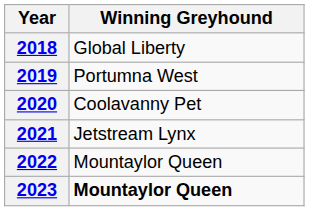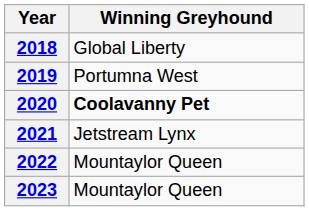 <table class="wikitable">
 <tr>
 <th width=50>Year</th>
 <th width=200>Winning Greyhound</th>
 </tr>
 <tr>
 <th><a href='#'>2018</a></th>
 <td>Global Liberty</td>
 </tr>
 <tr>
 <th><a href='#'>2019</a></th>
 <td>Portumna West</td>
 </tr>
 <tr>
 <th><a href='#'>2020</a></th>
-<td>Coolavanny Pet</td>
+<td><strong>Coolavanny Pet</strong></td>
 </tr>
 <tr>
 <th><a href='#'>2021</a></th>
 <td>Jetstream Lynx</td>
 </tr>
 <tr>
 <th><a href='#'>2022</a></th>
 <td>Mountaylor Queen</td>
 </tr>
 <tr>
 <th><a href='#'>2023</a></th>
-<td><strong>Mountaylor Queen</strong></td>
+<td>Mountaylor Queen</td>
 </tr>
 </table>
